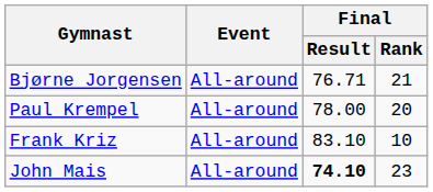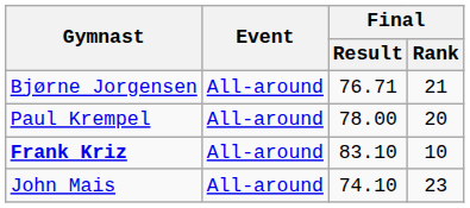 <table class=wikitable style="font-size:90%">
 <tr>
 <th rowspan=2>Gymnast</th>
 <th rowspan=2>Event</th>
 <th colspan=2>Final</th>
 </tr>
 <tr>
 <th>Result</th>
 <th>Rank</th>
 </tr>
 <tr>
 <td><a href='#'>Bjørne Jorgensen</a></td>
 <td><a href='#'>All-around</a></td>
 <td align=center>76.71</td>
 <td align=center>21</td>
 </tr>
 <tr>
 <td><a href='#'>Paul Krempel</a></td>
 <td><a href='#'>All-around</a></td>
 <td align=center>78.00</td>
 <td align=center>20</td>
 </tr>
 <tr>
-<td><a href='#'>Frank Kriz</a></td>
+<td><strong><a href='#'>Frank Kriz</a></strong></td>
 <td><a href='#'>All-around</a></td>
 <td align=center>83.10</td>
 <td align=center>10</td>
 </tr>
 <tr>
 <td><a href='#'>John Mais</a></td>
 <td><a href='#'>All-around</a></td>
-<td align=center><strong>74.10</strong></td>
+<td align=center>74.10</td>
 <td align=center>23</td>
 </tr>
 </table>
